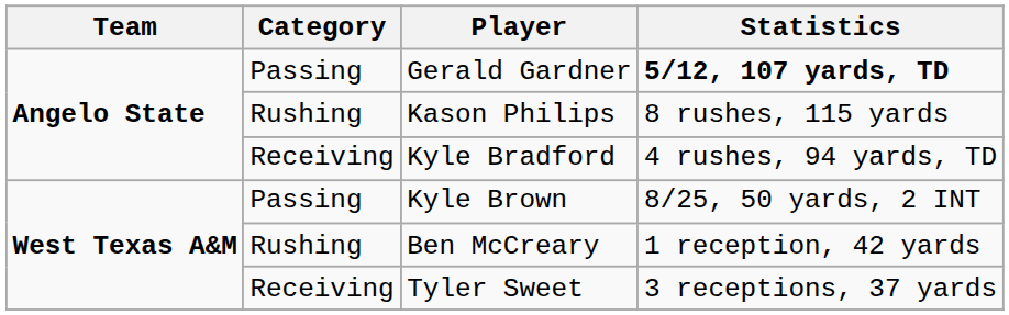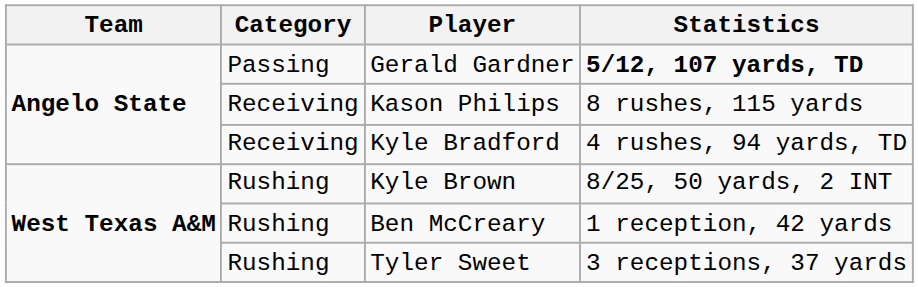 <table class="wikitable" style="float: right;">
 <tr>
 <th>Team</th>
 <th>Category</th>
 <th>Player</th>
 <th>Statistics</th>
 </tr>
 <tr>
 <td rowspan=3><strong>Angelo State</strong></td>
 <td>Passing</td>
 <td>Gerald Gardner</td>
 <td><strong>5/12, 107 yards, TD</strong></td>
 </tr>
 <tr>
-<td>Rushing</td>
+<td>Receiving</td>
 <td>Kason Philips</td>
 <td>8 rushes, 115 yards</td>
 </tr>
 <tr>
 <td>Receiving</td>
 <td>Kyle Bradford</td>
 <td>4 rushes, 94 yards, TD</td>
 </tr>
 <tr>
 <td rowspan=3><strong>West Texas A&M</strong></td>
-<td>Passing</td>
+<td>Rushing</td>
 <td>Kyle Brown</td>
 <td>8/25, 50 yards, 2 INT</td>
 </tr>
 <tr>
 <td>Rushing</td>
 <td>Ben McCreary</td>
 <td>1 reception, 42 yards</td>
 </tr>
 <tr>
-<td>Receiving</td>
+<td>Rushing</td>
 <td>Tyler Sweet</td>
 <td>3 receptions, 37 yards</td>
 </tr>
 </table>
